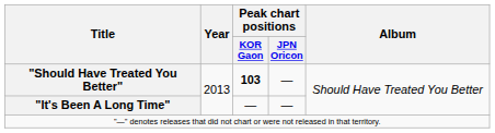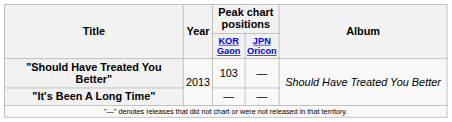 <table class="wikitable plainrowheaders" style="text-align:center;">
 <tr>
 <th scope="col" rowspan="2" style="width:16em;">Title</th>
 <th scope="col" rowspan="2">Year</th>
 <th scope="col" colspan="2">Peak chart positions</th>
 <th scope="col" rowspan="2" style="width:15em;">Album</th>
 </tr>
 <tr>
 <th scope="col" style="width:3em;font-size:85%;"><a href='#'>KOR<br>Gaon</a></th>
 <th scope="col" style="width:3em;font-size:85%;"><a href='#'>JPN<br>Oricon</a></th>
 </tr>
 <tr>
 <th scope="row">"Should Have Treated You Better"</th>
 <td rowspan="2">2013</td>
-<td><strong>103</strong></td>
+<td>103</td>
 <td —>—</td>
 <td rowspan="2"><em>Should Have Treated You Better</em></td>
 </tr>
 <tr>
 <th scope="row">"It's Been A Long Time"</th>
 <td>—</td>
 <td —>—</td>
 </tr>
 <tr>
 <td colspan="5" style="font-size:8pt;">"—" denotes releases that did not chart or were not released in that territory.</td>
 </tr>
 </table>
